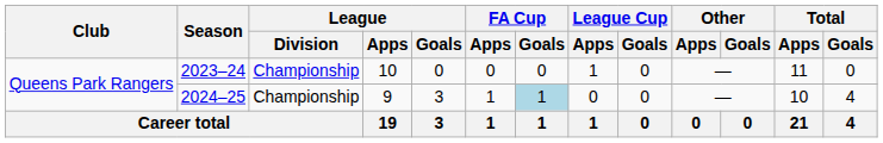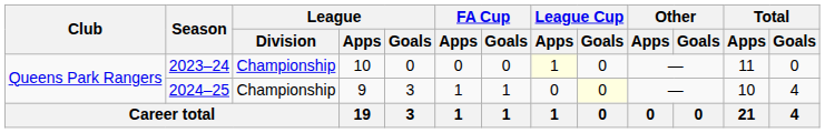 <table class="wikitable" style="text-align: center;">
 <tr>
 <th rowspan="2">Club</th>
 <th rowspan="2">Season</th>
 <th colspan="3">League</th>
 <th colspan="2"><a href='#'>FA Cup</a></th>
 <th colspan="2"><a href='#'>League Cup</a></th>
 <th colspan="2">Other</th>
 <th colspan="2">Total</th>
 </tr>
 <tr>
 <th>Division</th>
 <th>Apps</th>
 <th>Goals</th>
 <th>Apps</th>
 <th>Goals</th>
 <th>Apps</th>
 <th>Goals</th>
 <th>Apps</th>
 <th>Goals</th>
 <th>Apps</th>
 <th>Goals</th>
 </tr>
 <tr>
 <td rowspan=2><a href='#'>Queens Park Rangers</a></td>
 <td><a href='#'>2023–24</a></td>
 <td><a href='#'>Championship</a></td>
 <td>10</td>
 <td>0</td>
 <td>0</td>
 <td>0</td>
-<td>1</td>
+<td style="background: lightyellow;">1</td>
 <td>0</td>
 <td colspan=2>—</td>
 <td>11</td>
 <td>0</td>
 </tr>
 <tr>
 <td><a href='#'>2024–25</a></td>
 <td>Championship</td>
 <td>9</td>
 <td>3</td>
 <td>1</td>
-<td style="background: lightblue;">1</td>
+<td>1</td>
 <td>0</td>
-<td>0</td>
+<td style="background: lightyellow;">0</td>
 <td colspan=2>—</td>
 <td>10</td>
 <td>4</td>
 </tr>
 <tr>
 <th colspan="3">Career total</th>
 <th>19</th>
 <th>3</th>
 <th>1</th>
 <th>1</th>
 <th>1</th>
 <th>0</th>
 <th>0</th>
 <th>0</th>
 <th>21</th>
 <th>4</th>
 </tr>
 </table>
